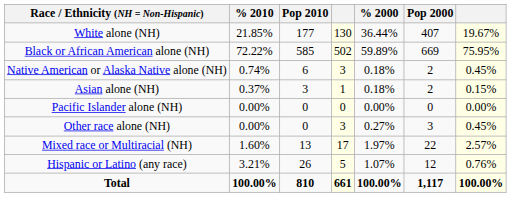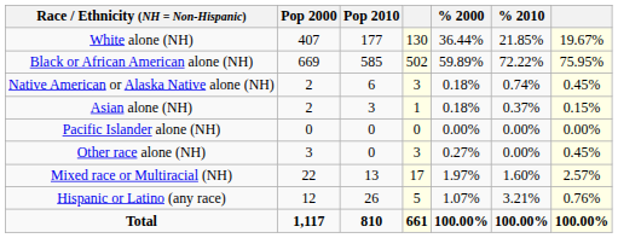 <table class="wikitable" style="text-align:center;">
 <tr>
 <th>Race / Ethnicity <small>(<em>NH = Non-Hispanic</em>)</small></th>
-<th>% 2010</th>
+<th>Pop 2000</th>
 <th>Pop 2010</th>
 <th></th>
 <th>% 2000</th>
-<th>Pop 2000</th>
+<th>% 2010</th>
 <th></th>
 </tr>
 <tr>
 <td><a href='#'>White</a> alone (NH)</td>
-<td>21.85%</td>
+<td>407</td>
 <td>177</td>
 <td style='background: #ffffe6;'>130</td>
 <td>36.44%</td>
-<td>407</td>
+<td>21.85%</td>
 <td style='background: #ffffe6;'>19.67%</td>
 </tr>
 <tr>
 <td><a href='#'>Black or African American</a> alone (NH)</td>
-<td>72.22%</td>
+<td>669</td>
 <td>585</td>
 <td style='background: #ffffe6;'>502</td>
 <td>59.89%</td>
-<td>669</td>
+<td>72.22%</td>
 <td style='background: #ffffe6;'>75.95%</td>
 </tr>
 <tr>
 <td><a href='#'>Native American</a> or <a href='#'>Alaska Native</a> alone (NH)</td>
-<td>0.74%</td>
+<td>2</td>
 <td>6</td>
 <td style='background: #ffffe6;'>3</td>
 <td>0.18%</td>
-<td>2</td>
+<td>0.74%</td>
 <td style='background: #ffffe6;'>0.45%</td>
 </tr>
 <tr>
 <td><a href='#'>Asian</a> alone (NH)</td>
-<td>0.37%</td>
+<td>2</td>
 <td>3</td>
 <td style='background: #ffffe6;'>1</td>
 <td>0.18%</td>
-<td>2</td>
+<td>0.37%</td>
 <td style='background: #ffffe6;'>0.15%</td>
 </tr>
 <tr>
 <td><a href='#'>Pacific Islander</a> alone (NH)</td>
-<td>0.00%</td>
+<td>0</td>
 <td>0</td>
 <td style='background: #ffffe6;'>0</td>
 <td>0.00%</td>
-<td>0</td>
+<td>0.00%</td>
 <td style='background: #ffffe6;'>0.00%</td>
 </tr>
 <tr>
 <td><a href='#'>Other race</a> alone (NH)</td>
-<td>0.00%</td>
+<td>3</td>
 <td>0</td>
 <td style='background: #ffffe6;'>3</td>
 <td>0.27%</td>
-<td>3</td>
+<td>0.00%</td>
 <td style='background: #ffffe6;'>0.45%</td>
 </tr>
 <tr>
 <td><a href='#'>Mixed race or Multiracial</a> (NH)</td>
-<td>1.60%</td>
+<td>22</td>
 <td>13</td>
 <td style='background: #ffffe6;'>17</td>
 <td>1.97%</td>
-<td>22</td>
+<td>1.60%</td>
 <td style='background: #ffffe6;'>2.57%</td>
 </tr>
 <tr>
 <td><a href='#'>Hispanic or Latino</a> (any race)</td>
-<td>3.21%</td>
+<td>12</td>
 <td>26</td>
 <td style='background: #ffffe6;'>5</td>
 <td>1.07%</td>
-<td>12</td>
+<td>3.21%</td>
 <td style='background: #ffffe6;'>0.76%</td>
 </tr>
 <tr>
 <td><strong>Total</strong></td>
-<td><strong>100.00%</strong></td>
+<td><strong>1,117</strong></td>
 <td><strong>810</strong></td>
 <td style='background: #ffffe6;'><strong>661</strong></td>
 <td><strong>100.00%</strong></td>
-<td><strong>1,117</strong></td>
+<td><strong>100.00%</strong></td>
 <td style='background: #ffffe6;'><strong>100.00%</strong></td>
 </tr>
 </table>
